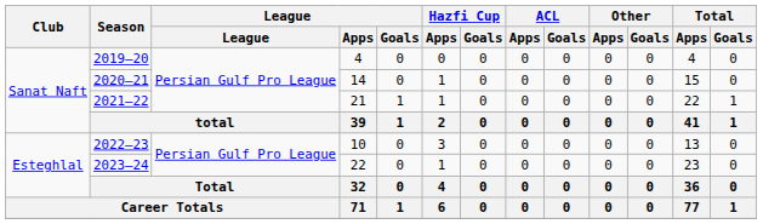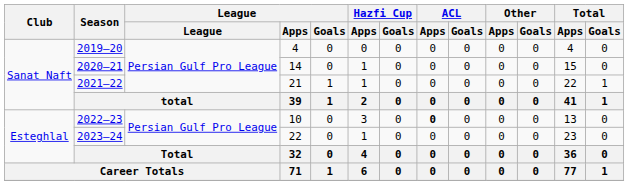 <table class="wikitable" style="text-align: center;">
 <tr>
 <th rowspan=2>Club</th>
 <th rowspan=2>Season</th>
 <th colspan=3>League</th>
 <th colspan="2"><a href='#'>Hazfi Cup</a></th>
 <th colspan="2"><a href='#'>ACL</a></th>
 <th colspan="2">Other</th>
 <th colspan="2">Total</th>
 </tr>
 <tr>
 <th>League</th>
 <th>Apps</th>
 <th>Goals</th>
 <th>Apps</th>
 <th>Goals</th>
 <th>Apps</th>
 <th>Goals</th>
 <th>Apps</th>
 <th>Goals</th>
 <th>Apps</th>
 <th>Goals</th>
 </tr>
 <tr>
 <td rowspan="4"><a href='#'>Sanat Naft</a></td>
 <td><a href='#'>2019–20</a></td>
 <td rowspan="3"><a href='#'>Persian Gulf Pro League</a></td>
 <td>4</td>
 <td>0</td>
 <td>0</td>
 <td>0</td>
 <td>0</td>
 <td>0</td>
 <td>0</td>
 <td>0</td>
 <td>4</td>
 <td>0</td>
 </tr>
 <tr>
 <td><a href='#'>2020–21</a></td>
 <td>14</td>
 <td>0</td>
 <td>1</td>
 <td>0</td>
 <td>0</td>
 <td>0</td>
 <td>0</td>
 <td>0</td>
 <td>15</td>
 <td>0</td>
 </tr>
 <tr>
 <td><a href='#'>2021–22</a></td>
 <td>21</td>
 <td>1</td>
 <td>1</td>
 <td>0</td>
 <td>0</td>
 <td>0</td>
 <td>0</td>
 <td>0</td>
 <td>22</td>
 <td>1</td>
 </tr>
 <tr>
 <th colspan="2">total</th>
 <th>39</th>
 <th>1</th>
 <th>2</th>
 <th>0</th>
 <th>0</th>
 <th>0</th>
 <th>0</th>
 <th>0</th>
 <th>41</th>
 <th>1</th>
 </tr>
 <tr>
 <td rowspan="3"><a href='#'>Esteghlal</a></td>
 <td><a href='#'>2022–23</a></td>
 <td rowspan="2"><a href='#'>Persian Gulf Pro League</a></td>
 <td>10</td>
 <td>0</td>
 <td>3</td>
 <td>0</td>
-<td>0</td>
+<td><strong>0</strong></td>
 <td>0</td>
 <td>0</td>
 <td>0</td>
 <td>13</td>
 <td>0</td>
 </tr>
 <tr>
 <td><a href='#'>2023–24</a></td>
 <td>22</td>
 <td>0</td>
 <td>1</td>
 <td>0</td>
 <td>0</td>
 <td>0</td>
 <td>0</td>
 <td>0</td>
 <td>23</td>
 <td>0</td>
 </tr>
 <tr>
 <th colspan="2">Total</th>
 <th>32</th>
 <th>0</th>
 <th>4</th>
 <th>0</th>
 <th>0</th>
 <th>0</th>
 <th>0</th>
 <th>0</th>
 <th>36</th>
 <th>0</th>
 </tr>
 <tr>
 <th colspan=3>Career Totals</th>
 <th>71</th>
 <th>1</th>
 <th>6</th>
 <th>0</th>
 <th>0</th>
 <th>0</th>
 <th>0</th>
 <th>0</th>
 <th>77</th>
 <th>1</th>
 </tr>
 <tr>
 </tr>
 </table>
